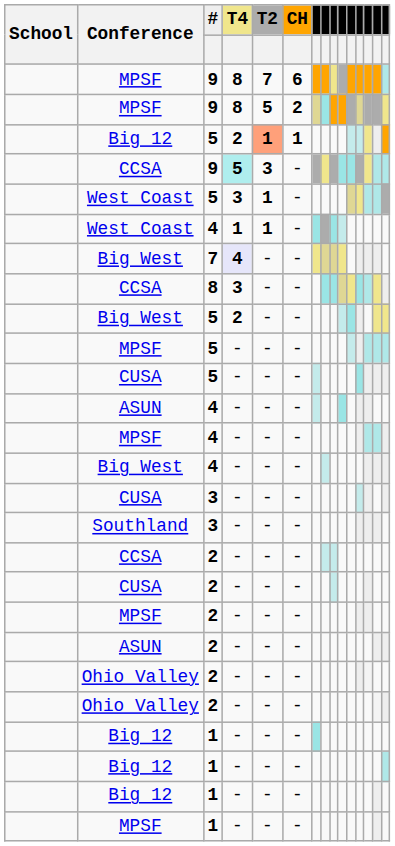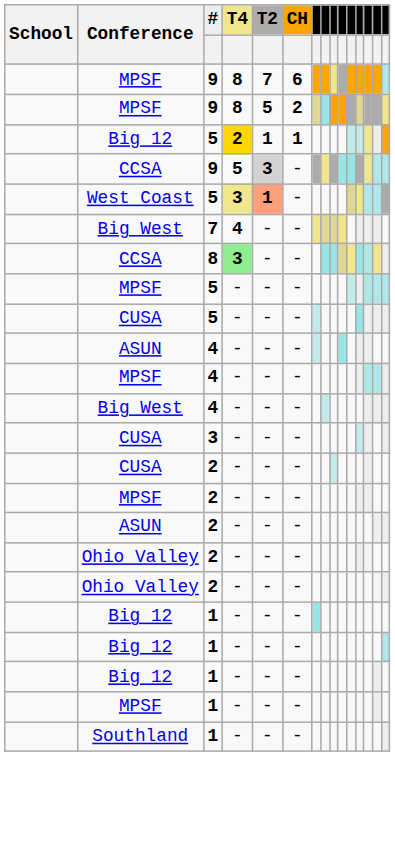 <table class="wikitable sortable sticky-table-head sticky-table-col1" style="font-size:90%; text-align: center;">
 <tr>
 <th rowspan=2>School</th>
 <th rowspan=2>Conference</th>
 <th style="background: #EEEEEE;">#</th>
 <th style="background: #F0E68C;">T4</th>
 <th style="background: #ACACAC;">T2</th>
 <th style="background: #FFA500;">CH</th>
 <th style="background: black;"><a href='#'></a></th>
 <th style="background: black;"><a href='#'></a></th>
 <th style="background: black;"><a href='#'></a></th>
 <th style="background: black;"><a href='#'></a></th>
 <th style="background: black;"><a href='#'></a></th>
 <th style="background: black;"><a href='#'></a></th>
 <th style="background: black;"><a href='#'></a></th>
 <th style="background: black;"><a href='#'></a></th>
 <th style="background: black;"><a href='#'></a></th>
 </tr>
 <tr>
 <th class="sticky-table-none"><br></th>
 <th></th>
 <th></th>
 <th></th>
 <th></th>
 <th></th>
 <th></th>
 <th></th>
 <th></th>
 <th></th>
 <th></th>
 <th></th>
 <th></th>
 </tr>
 <tr>
 <td><strong></strong></td>
 <td><a href='#'>MPSF</a></td>
 <td><strong>9</strong></td>
 <td><strong>8</strong></td>
 <td><strong>7</strong></td>
 <td><strong>6</strong></td>
 <td style="background:#FFA500"><strong></strong></td>
 <td style="background:#FFA500"><strong></strong></td>
 <td style="background:#F0E68C"></td>
 <td style="background:#ACACAC"></td>
 <td style="background:#FFA500"><strong></strong></td>
 <td style="background:#FFA500"><strong></strong></td>
 <td style="background:#FFA500"><strong></strong></td>
 <td style="background:#FFA500"><strong></strong></td>
 <td style="background:#AFE8E8"></td>
 </tr>
 <tr>
 <td><strong><a href='#'></a></strong></td>
 <td><a href='#'>MPSF</a></td>
 <td><strong>9</strong></td>
 <td><strong>8</strong></td>
 <td><strong>5</strong></td>
 <td><strong>2</strong></td>
 <td style="background:#DFD794"></td>
 <td style="background:#9AE5E5"></td>
 <td style="background:#FFA500"><strong></strong></td>
 <td style="background:#FFA500"><strong></strong></td>
 <td style="background:#ACACAC"></td>
 <td style="background:#DFD794"></td>
 <td style="background:#ACACAC"></td>
 <td style="background:#ACACAC"></td>
 <td style="background:#F0E68C"></td>
 </tr>
 <tr>
 <td><strong><a href='#'></a></strong></td>
 <td><a href='#'>Big 12</a></td>
 <td><strong>5</strong></td>
-<td><strong>2</strong></td>
-<td style="background: lightsalmon;"><strong>1</strong></td>
+<td style="background: gold;"><strong>2</strong></td>
+<td><strong>1</strong></td>
 <td><strong>1</strong></td>
 <td></td>
 <td></td>
 <td></td>
 <td></td>
 <td style="background:#C4EBEB"></td>
 <td style="background:#C4EBEB"></td>
 <td style="background:#F0E68C"></td>
 <td style="background:#EEEEEE"></td>
 <td style="background:#FFA500"><strong></strong></td>
 </tr>
 <tr>
 <td><strong></strong></td>
 <td><a href='#'>CCSA</a></td>
 <td><strong>9</strong></td>
-<td style="background: paleturquoise;"><strong>5</strong></td>
-<td><strong>3</strong></td>
+<td><strong>5</strong></td>
+<td style="background: lightgrey;"><strong>3</strong></td>
 <td>-</td>
 <td style="background:#ACACAC"></td>
 <td style="background:#F0E68C"></td>
 <td style="background:#ACACAC"></td>
 <td style="background:#9AE5E5"></td>
 <td style="background:#9AE5E5"></td>
 <td style="background:#ACACAC"></td>
 <td style="background:#F0E68C"></td>
 <td style="background:#AFE8E8"></td>
 <td style="background:#AFE8E8"></td>
 </tr>
 <tr>
 <td><strong><a href='#'></a></strong></td>
 <td><a href='#'>West Coast</a></td>
 <td><strong>5</strong></td>
-<td><strong>3</strong></td>
-<td><strong>1</strong></td>
+<td style="background: khaki;"><strong>3</strong></td>
+<td style="background: lightsalmon;"><strong>1</strong></td>
 <td>-</td>
 <td></td>
 <td></td>
 <td></td>
 <td></td>
 <td style="background:#DFD794"></td>
 <td style="background:#F0E68C"></td>
 <td style="background:#AFE8E8"></td>
 <td style="background:#AFE8E8"></td>
 <td style="background:#ACACAC"></td>
 </tr>
 <tr>
-<td><strong></strong></td>
-<td><a href='#'>West Coast</a></td>
-<td><strong>4</strong></td>
-<td><strong>1</strong></td>
-<td><strong>1</strong></td>
-<td>-</td>
-<td style="background:#9AE5E5"></td>
-<td style="background:#ACACAC"></td>
-<td style="background:#9AE5E5"></td>
-<td style="background:#C4EBEB"></td>
-<td></td>
-<td></td>
-<td></td>
-<td></td>
-<td></td>
-</tr>
-<tr>
 <td><strong><a href='#'></a></strong></td>
 <td><a href='#'>Big West</a></td>
 <td><strong>7</strong></td>
-<td style="background: lavender;"><strong>4</strong></td>
+<td><strong>4</strong></td>
 <td>-</td>
 <td>-</td>
 <td style="background:#F0E68C"></td>
 <td style="background:#DFD794"></td>
 <td style="background:#DFD794"></td>
 <td style="background:#F0E68C"></td>
 <td></td>
 <td style="background:#EEEEEE"></td>
 <td style="background:#EEEEEE"></td>
 <td style="background:#EEEEEE"></td>
 <td></td>
 </tr>
 <tr>
 <td><strong></strong></td>
 <td><a href='#'>CCSA</a></td>
 <td><strong>8</strong></td>
-<td><strong>3</strong></td>
+<td style="background: lightgreen;"><strong>3</strong></td>
 <td>-</td>
 <td>-</td>
 <td></td>
 <td style="background:#9AE5E5"></td>
 <td style="background:#9AE5E5"></td>
 <td style="background:#DFD794"></td>
 <td style="background:#F0E68C"></td>
 <td style="background:#9AE5E5"></td>
 <td style="background:#AFE8E8"></td>
 <td style="background:#F0E68C"></td>
 <td style="background:#EEEEEE"></td>
-</tr>
-<tr>
-<td><strong></strong></td>
-<td><a href='#'>Big West</a></td>
-<td><strong>5</strong></td>
-<td><strong>2</strong></td>
-<td>-</td>
-<td>-</td>
-<td></td>
-<td></td>
-<td></td>
-<td style="background:#C4EBEB"></td>
-<td style="background:#9AE5E5"></td>
-<td style="background:#EEEEEE"></td>
-<td></td>
-<td style="background:#F0E68C"></td>
-<td style="background:#F0E68C"></td>
 </tr>
 <tr>
 <td><strong><a href='#'></a></strong></td>
 <td><a href='#'>MPSF</a></td>
 <td><strong>5</strong></td>
 <td>-</td>
 <td>-</td>
 <td>-</td>
 <td></td>
 <td></td>
 <td></td>
 <td></td>
 <td style="background:#C4EBEB"></td>
 <td style="background:#EEEEEE"></td>
 <td style="background:#AFE8E8"></td>
 <td style="background:#AFE8E8"></td>
 <td style="background:#AFE8E8"></td>
 </tr>
 <tr>
 <td><strong><a href='#'></a></strong></td>
 <td><a href='#'>CUSA</a></td>
 <td><strong>5</strong></td>
 <td>-</td>
 <td>-</td>
 <td>-</td>
 <td style="background:#C4EBEB"></td>
 <td></td>
 <td></td>
 <td></td>
 <td></td>
 <td style="background:#9AE5E5"></td>
 <td style="background:#EEEEEE"></td>
 <td style="background:#EEEEEE"></td>
 <td style="background:#EEEEEE"></td>
 </tr>
 <tr>
 <td><strong><a href='#'></a></strong></td>
 <td><a href='#'>ASUN</a></td>
 <td><strong>4</strong></td>
 <td>-</td>
 <td>-</td>
 <td>-</td>
 <td style="background:#C4EBEB"></td>
 <td></td>
 <td></td>
 <td style="background:#9AE5E5"></td>
 <td></td>
 <td style="background:#EEEEEE"></td>
 <td style="background:#EEEEEE"></td>
 <td></td>
 <td></td>
 </tr>
 <tr>
 <td><strong></strong></td>
 <td><a href='#'>MPSF</a></td>
 <td><strong>4</strong></td>
 <td>-</td>
 <td>-</td>
 <td>-</td>
 <td></td>
 <td></td>
 <td></td>
 <td></td>
 <td></td>
 <td style="background:#EEEEEE"></td>
 <td style="background:#AFE8E8"></td>
 <td style="background:#AFE8E8"></td>
 <td style="background:#EEEEEE"></td>
 </tr>
 <tr>
 <td><strong></strong></td>
 <td><a href='#'>Big West</a></td>
 <td><strong>4</strong></td>
 <td>-</td>
 <td>-</td>
 <td>-</td>
 <td></td>
 <td style="background:#C4EBEB"></td>
 <td></td>
 <td></td>
 <td></td>
 <td></td>
 <td style="background:#EEEEEE"></td>
 <td style="background:#EEEEEE"></td>
 <td style="background:#EEEEEE"></td>
 </tr>
 <tr>
 <td><strong><a href='#'></a></strong></td>
 <td><a href='#'>CUSA</a></td>
 <td><strong>3</strong></td>
 <td>-</td>
 <td>-</td>
 <td>-</td>
 <td></td>
 <td></td>
 <td></td>
 <td></td>
 <td></td>
 <td style="background:#C4EBEB"></td>
 <td style="background:#EEEEEE"></td>
 <td></td>
 <td style="background:#EEEEEE"></td>
-</tr>
-<tr>
-<td><strong></strong></td>
-<td><a href='#'>Southland</a></td>
-<td><strong>3</strong></td>
-<td>-</td>
-<td>-</td>
-<td>-</td>
-<td></td>
-<td></td>
-<td></td>
-<td></td>
-<td></td>
-<td style="background:#EEEEEE"></td>
-<td style="background:#EEEEEE"></td>
-<td style="background:#EEEEEE"></td>
-<td></td>
-</tr>
-<tr>
-<td><strong><a href='#'></a></strong></td>
-<td><a href='#'>CCSA</a></td>
-<td><strong>2</strong></td>
-<td>-</td>
-<td>-</td>
-<td>-</td>
-<td></td>
-<td style="background:#C4EBEB"></td>
-<td style="background:#C4EBEB"></td>
-<td></td>
-<td></td>
-<td></td>
-<td></td>
-<td></td>
-<td></td>
 </tr>
 <tr>
 <td><strong></strong></td>
 <td><a href='#'>CUSA</a></td>
 <td><strong>2</strong></td>
 <td>-</td>
 <td>-</td>
 <td>-</td>
 <td></td>
 <td></td>
 <td style="background:#C4EBEB"></td>
 <td></td>
 <td></td>
 <td></td>
 <td style="background:#EEEEEE"></td>
 <td></td>
 <td></td>
 </tr>
 <tr>
 <td><strong><a href='#'></a></strong></td>
 <td><a href='#'>MPSF</a></td>
 <td><strong>2</strong></td>
 <td>-</td>
 <td>-</td>
 <td>-</td>
 <td></td>
 <td></td>
 <td></td>
 <td></td>
 <td></td>
 <td style="background:#EEEEEE"></td>
 <td style="background:#EEEEEE"></td>
 <td></td>
 <td></td>
 </tr>
 <tr>
 <td><strong></strong></td>
 <td><a href='#'>ASUN</a></td>
 <td><strong>2</strong></td>
 <td>-</td>
 <td>-</td>
 <td>-</td>
 <td></td>
 <td></td>
 <td></td>
 <td></td>
 <td></td>
 <td></td>
 <td></td>
 <td style="background:#EEEEEE"></td>
 <td style="background:#EEEEEE"></td>
 </tr>
 <tr>
 <td><strong></strong></td>
 <td><a href='#'>Ohio Valley</a></td>
 <td><strong>2</strong></td>
 <td>-</td>
 <td>-</td>
 <td>-</td>
 <td></td>
 <td></td>
 <td></td>
 <td></td>
 <td></td>
 <td style="background:#EEEEEE"></td>
 <td style="background:#F4F4F4; color:#555555"></td>
 <td></td>
 <td></td>
 </tr>
 <tr>
 <td><strong></strong></td>
 <td><a href='#'>Ohio Valley</a></td>
 <td><strong>2</strong></td>
 <td>-</td>
 <td>-</td>
 <td>-</td>
 <td></td>
 <td></td>
 <td></td>
 <td></td>
 <td></td>
 <td></td>
 <td></td>
 <td style="background:#F4F4F4; color:#555555"></td>
 <td style="background:#EEEEEE"></td>
 </tr>
 <tr>
 <td><strong><a href='#'></a></strong></td>
 <td><a href='#'>Big 12</a></td>
 <td><strong>1</strong></td>
 <td>-</td>
 <td>-</td>
 <td>-</td>
 <td style="background:#9AE5E5"></td>
 <td></td>
 <td></td>
 <td></td>
 <td></td>
 <td></td>
 <td></td>
 <td></td>
 <td></td>
 </tr>
 <tr>
 <td><strong><a href='#'></a></strong></td>
 <td><a href='#'>Big 12</a></td>
 <td><strong>1</strong></td>
 <td>-</td>
 <td>-</td>
 <td>-</td>
 <td></td>
 <td></td>
 <td></td>
 <td></td>
 <td></td>
 <td></td>
 <td></td>
 <td></td>
 <td style="background:#AFE8E8"></td>
 </tr>
 <tr>
 <td><strong></strong></td>
 <td><a href='#'>Big 12</a></td>
 <td><strong>1</strong></td>
 <td>-</td>
 <td>-</td>
 <td>-</td>
 <td></td>
 <td></td>
 <td></td>
 <td></td>
 <td></td>
 <td></td>
 <td></td>
 <td style="background:#EEEEEE"></td>
 <td></td>
 </tr>
 <tr>
 <td><strong></strong></td>
 <td><a href='#'>MPSF</a></td>
 <td><strong>1</strong></td>
 <td>-</td>
 <td>-</td>
 <td>-</td>
 <td></td>
 <td></td>
 <td></td>
 <td></td>
 <td></td>
 <td></td>
 <td></td>
 <td style="background:#EEEEEE"></td>
 <td></td>
 </tr>
+<tr>
+<td><strong><a href='#'></a></strong></td>
+<td><a href='#'>Southland</a></td>
+<td><strong>1</strong></td>
+<td>-</td>
+<td>-</td>
+<td>-</td>
+<td></td>
+<td></td>
+<td></td>
+<td></td>
+<td></td>
+<td></td>
+<td></td>
+<td></td>
+<td style="background:#EEEEEE"></td>
+</tr>
 </table>
